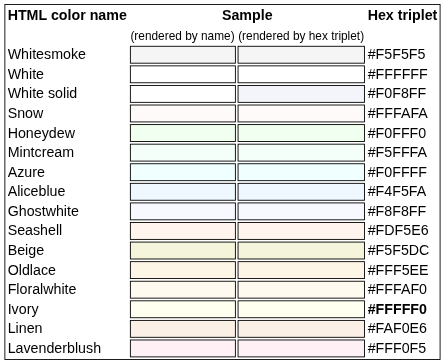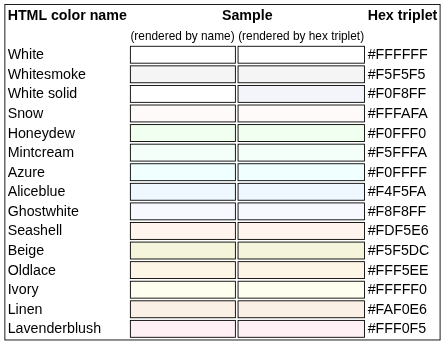 <table style="border: 1px solid #000;margin:auto;">
 <tr>
 <th>HTML color name</th>
 <th colspan="2">Sample</th>
 <th>Hex triplet</th>
 </tr>
 <tr>
 <td></td>
 <td><small>(rendered by name)</small></td>
 <td><small>(rendered by hex triplet)</small></td>
 </tr>
 <tr>
+<td>White</td>
+<td style="background:White; border: 0.1px solid #000000"></td>
+<td style="background:#ffffff; border: 0.1px solid #000000"></td>
+<td>#FFFFFF</td>
+</tr>
+<tr>
 <td>Whitesmoke</td>
 <td style="background:WhiteSmoke; border: 0.1px solid #000000"></td>
 <td style="background:#f5f5f5; border: 0.1px solid #000000"></td>
 <td>#F5F5F5</td>
-</tr>
-<tr>
-<td>White</td>
-<td style="background:White; border: 0.1px solid #000000"></td>
-<td style="background:#ffffff; border: 0.1px solid #000000"></td>
-<td>#FFFFFF</td>
 </tr>
 <tr>
 <td>White solid</td>
 <td style="background:WhiteSolid; border: 0.1px solid #000000"></td>
 <td style="background:#f4f5fa; border: 0.1px solid #000000"></td>
 <td>#F0F8FF</td>
 </tr>
 <tr>
 <td>Snow</td>
 <td style="background:Snow; border: 0.1px solid #000000"></td>
 <td style="background:#FFFAFA; border: 0.1px solid #000000"></td>
 <td>#FFFAFA</td>
 </tr>
 <tr>
 <td>Honeydew</td>
 <td style="background:Honeydew; border: 0.1px solid #000000"></td>
 <td style="background:#F0FFF0; border: 0.1px solid #000000"></td>
 <td>#F0FFF0</td>
 </tr>
 <tr>
 <td>Mintcream</td>
 <td style="background:MintCream; border: 0.1px solid #000000"></td>
 <td style="background:#F5FFFA; border: 0.1px solid #000000"></td>
 <td>#F5FFFA</td>
 </tr>
 <tr>
 <td>Azure</td>
 <td style="background:Azure; border: 0.1px solid #000000"></td>
 <td style="background:#F0FFFF; border: 0.1px solid #000000"></td>
 <td>#F0FFFF</td>
 </tr>
 <tr>
 <td>Aliceblue</td>
 <td style="background:AliceBlue; border: 0.1px solid #000000"></td>
 <td style="background:#F0F8FF; border: 0.1px solid #000000"></td>
 <td>#F4F5FA</td>
 </tr>
 <tr>
 <td>Ghostwhite</td>
 <td style="background:GhostWhite; border: 0.1px solid #000000"></td>
 <td style="background:#F8F8FF; border: 0.1px solid #000000"></td>
 <td>#F8F8FF</td>
 </tr>
 <tr>
 <td>Seashell</td>
 <td style="background:Seashell; border: 0.1px solid #000000"></td>
 <td style="background:#FFF5EE; border: 0.1px solid #000000"></td>
 <td>#FDF5E6</td>
 </tr>
 <tr>
 <td>Beige</td>
 <td style="background:Beige; border: 0.1px solid #000000"></td>
 <td style="background:#F5F5DC; border: 0.1px solid #000000"></td>
 <td>#F5F5DC</td>
 </tr>
 <tr>
 <td>Oldlace</td>
 <td style="background:OldLace; border: 0.1px solid #000000"></td>
 <td style="background:#FDF5E6; border: 0.1px solid #000000"></td>
 <td>#FFF5EE</td>
 </tr>
 <tr>
-<td>Floralwhite</td>
-<td style="background:FloralWhite; border: 0.1px solid #000000"></td>
-<td style="background:#FFFAF0; border: 0.1px solid #000000"></td>
-<td>#FFFAF0</td>
-</tr>
-<tr>
 <td>Ivory</td>
 <td style="background:Ivory; border: 0.1px solid #000000"></td>
 <td style="background:#FFFFF0; border: 0.1px solid #000000"></td>
-<td><strong>#FFFFF0</strong></td>
+<td>#FFFFF0</td>
 </tr>
 <tr>
 <td>Linen</td>
 <td style="background:Linen; border: 0.1px solid #000000"></td>
 <td style="background:#FAF0E6; border: 0.1px solid #000000"></td>
 <td>#FAF0E6</td>
 </tr>
 <tr>
 <td>Lavenderblush</td>
 <td style="background:LavenderBlush; border: 0.1px solid #000000"></td>
 <td style="background:#FFF0F5; border: 0.1px solid #000000"></td>
 <td>#FFF0F5</td>
 </tr>
 </table>
